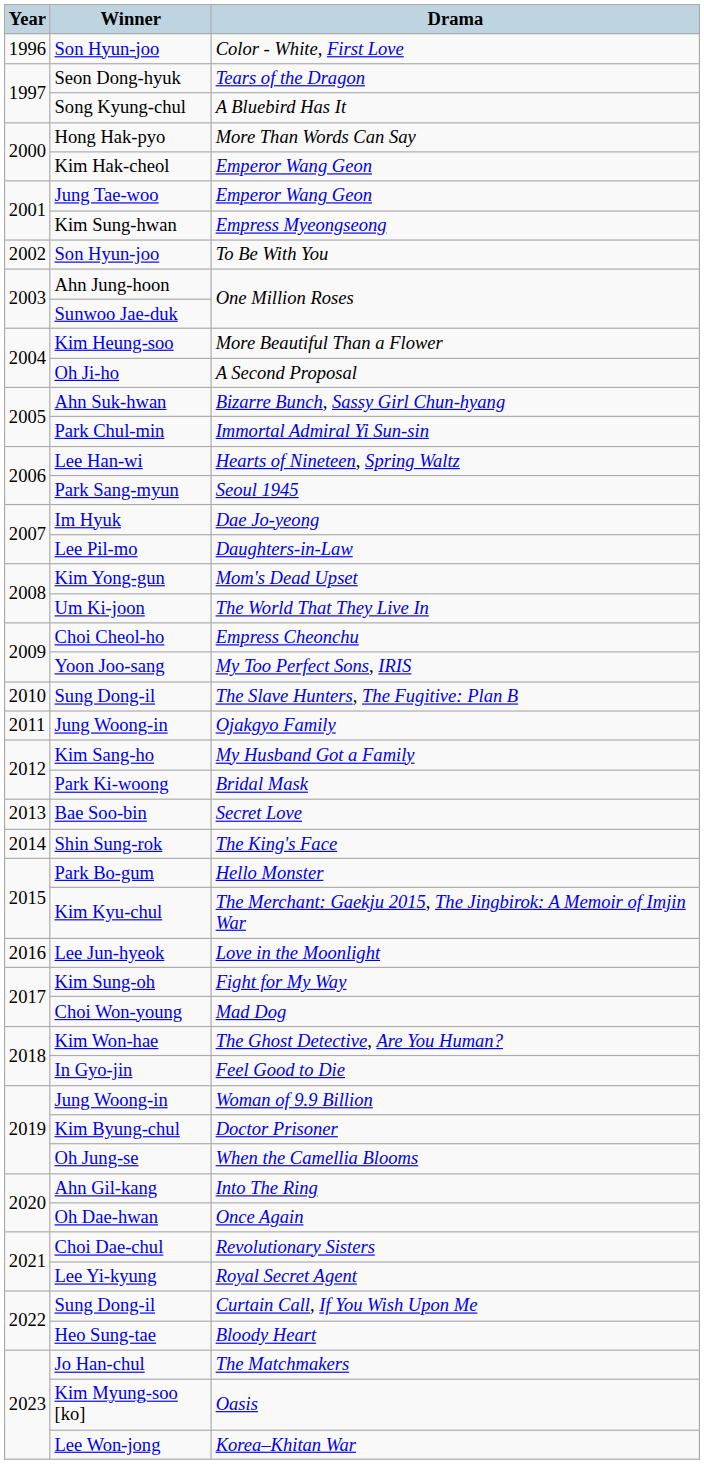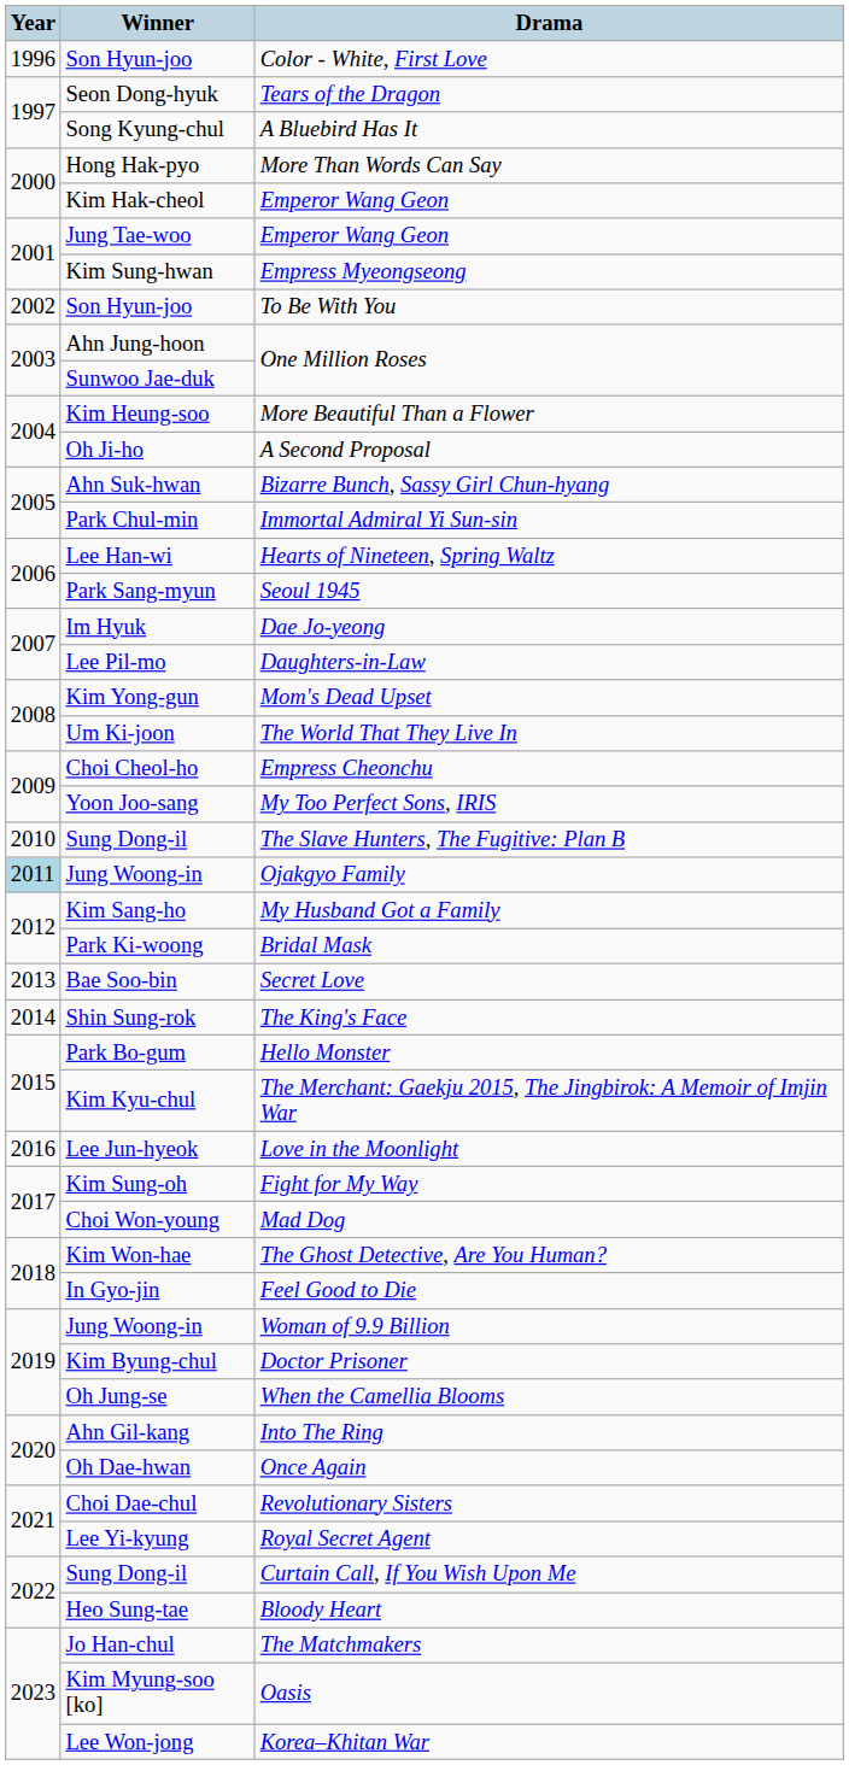 <table class="wikitable" style="width:600px">
 <tr>
 <th style="background:#BED5E1;" width="30">Year</th>
 <th style="background:#BED5E1;">Winner</th>
 <th style="background:#BED5E1;">Drama</th>
 </tr>
 <tr>
 <td>1996</td>
 <td><a href='#'>Son Hyun-joo</a></td>
 <td><em>Color - White</em>, <em><a href='#'>First Love</a></em></td>
 </tr>
 <tr>
 <td rowspan="2">1997</td>
 <td>Seon Dong-hyuk</td>
 <td><em><a href='#'>Tears of the Dragon</a></em></td>
 </tr>
 <tr>
 <td>Song Kyung-chul</td>
 <td><em>A Bluebird Has It</em></td>
 </tr>
 <tr>
 <td rowspan="2">2000</td>
 <td>Hong Hak-pyo</td>
 <td><em>More Than Words Can Say</em></td>
 </tr>
 <tr>
 <td>Kim Hak-cheol</td>
 <td><em><a href='#'>Emperor Wang Geon</a></em></td>
 </tr>
 <tr>
 <td rowspan="2">2001</td>
 <td><a href='#'>Jung Tae-woo</a></td>
 <td><em><a href='#'>Emperor Wang Geon</a></em></td>
 </tr>
 <tr>
 <td>Kim Sung-hwan</td>
 <td><em><a href='#'>Empress Myeongseong</a></em></td>
 </tr>
 <tr>
 <td>2002</td>
 <td><a href='#'>Son Hyun-joo</a></td>
 <td><em>To Be With You</em></td>
 </tr>
 <tr>
 <td rowspan="2">2003</td>
 <td>Ahn Jung-hoon</td>
 <td rowspan="2"><em>One Million Roses</em></td>
 </tr>
 <tr>
 <td><a href='#'>Sunwoo Jae-duk</a></td>
 </tr>
 <tr>
 <td rowspan="2">2004</td>
 <td><a href='#'>Kim Heung-soo</a></td>
 <td><em>More Beautiful Than a Flower</em></td>
 </tr>
 <tr>
 <td><a href='#'>Oh Ji-ho</a></td>
 <td><em>A Second Proposal</em></td>
 </tr>
 <tr>
 <td rowspan="2">2005</td>
 <td><a href='#'>Ahn Suk-hwan</a></td>
 <td><em><a href='#'>Bizarre Bunch</a>, <a href='#'>Sassy Girl Chun-hyang</a></em></td>
 </tr>
 <tr>
 <td><a href='#'>Park Chul-min</a></td>
 <td><em><a href='#'>Immortal Admiral Yi Sun-sin</a></em></td>
 </tr>
 <tr>
 <td rowspan="2">2006</td>
 <td><a href='#'>Lee Han-wi</a></td>
 <td><em><a href='#'>Hearts of Nineteen</a></em>, <em><a href='#'>Spring Waltz</a></em></td>
 </tr>
 <tr>
 <td><a href='#'>Park Sang-myun</a></td>
 <td><em><a href='#'>Seoul 1945</a></em></td>
 </tr>
 <tr>
 <td rowspan="2">2007</td>
 <td><a href='#'>Im Hyuk</a></td>
 <td><em><a href='#'>Dae Jo-yeong</a></em></td>
 </tr>
 <tr>
 <td><a href='#'>Lee Pil-mo</a></td>
 <td><em><a href='#'>Daughters-in-Law</a></em></td>
 </tr>
 <tr>
 <td rowspan="2">2008</td>
 <td><a href='#'>Kim Yong-gun</a></td>
 <td><em><a href='#'>Mom's Dead Upset</a></em></td>
 </tr>
 <tr>
 <td><a href='#'>Um Ki-joon</a></td>
 <td><em><a href='#'>The World That They Live In</a></em></td>
 </tr>
 <tr>
 <td rowspan="2">2009</td>
 <td><a href='#'>Choi Cheol-ho</a></td>
 <td><em><a href='#'>Empress Cheonchu</a></em></td>
 </tr>
 <tr>
 <td><a href='#'>Yoon Joo-sang</a></td>
 <td><em><a href='#'>My Too Perfect Sons</a></em>, <em><a href='#'>IRIS</a></em></td>
 </tr>
 <tr>
 <td>2010</td>
 <td><a href='#'>Sung Dong-il</a></td>
 <td><em><a href='#'>The Slave Hunters</a></em>, <em><a href='#'>The Fugitive: Plan B</a></em></td>
 </tr>
 <tr>
-<td>2011</td>
+<td style="background: lightblue;">2011</td>
 <td><a href='#'>Jung Woong-in</a></td>
 <td><em><a href='#'>Ojakgyo Family</a></em></td>
 </tr>
 <tr>
 <td rowspan="2">2012</td>
 <td><a href='#'>Kim Sang-ho</a></td>
 <td><em><a href='#'>My Husband Got a Family</a></em></td>
 </tr>
 <tr>
 <td><a href='#'>Park Ki-woong</a></td>
 <td><em><a href='#'>Bridal Mask</a></em></td>
 </tr>
 <tr>
 <td>2013</td>
 <td><a href='#'>Bae Soo-bin</a></td>
 <td><em><a href='#'>Secret Love</a></em></td>
 </tr>
 <tr>
 <td>2014</td>
 <td><a href='#'>Shin Sung-rok</a></td>
 <td><em><a href='#'>The King's Face</a></em></td>
 </tr>
 <tr>
 <td rowspan="2">2015</td>
 <td><a href='#'>Park Bo-gum</a></td>
 <td><em><a href='#'>Hello Monster</a></em></td>
 </tr>
 <tr>
 <td><a href='#'>Kim Kyu-chul</a></td>
 <td><em><a href='#'>The Merchant: Gaekju 2015</a></em>, <em><a href='#'>The Jingbirok: A Memoir of Imjin War</a></em></td>
 </tr>
 <tr>
 <td>2016</td>
 <td><a href='#'>Lee Jun-hyeok</a></td>
 <td><em><a href='#'>Love in the Moonlight</a></em></td>
 </tr>
 <tr>
 <td rowspan="2">2017</td>
 <td><a href='#'>Kim Sung-oh</a></td>
 <td><em><a href='#'>Fight for My Way</a></em></td>
 </tr>
 <tr>
 <td><a href='#'>Choi Won-young</a></td>
 <td><em><a href='#'>Mad Dog</a></em></td>
 </tr>
 <tr>
 <td rowspan="2">2018</td>
 <td><a href='#'>Kim Won-hae</a></td>
 <td><em><a href='#'>The Ghost Detective</a></em>, <em><a href='#'>Are You Human?</a></em></td>
 </tr>
 <tr>
 <td><a href='#'>In Gyo-jin</a></td>
 <td><em><a href='#'>Feel Good to Die</a></em></td>
 </tr>
 <tr>
 <td rowspan="3">2019</td>
 <td><a href='#'>Jung Woong-in</a></td>
 <td><em><a href='#'>Woman of 9.9 Billion</a></em></td>
 </tr>
 <tr>
 <td><a href='#'>Kim Byung-chul</a></td>
 <td><em><a href='#'>Doctor Prisoner</a></em></td>
 </tr>
 <tr>
 <td><a href='#'>Oh Jung-se</a></td>
 <td><em><a href='#'>When the Camellia Blooms</a></em></td>
 </tr>
 <tr>
 <td rowspan="2">2020</td>
 <td><a href='#'>Ahn Gil-kang</a></td>
 <td><em><a href='#'>Into The Ring</a></em></td>
 </tr>
 <tr>
 <td><a href='#'>Oh Dae-hwan</a></td>
 <td><em><a href='#'>Once Again</a></em></td>
 </tr>
 <tr>
 <td rowspan="2">2021</td>
 <td><a href='#'>Choi Dae-chul</a></td>
 <td><em><a href='#'>Revolutionary Sisters</a></em></td>
 </tr>
 <tr>
 <td><a href='#'>Lee Yi-kyung</a></td>
 <td><em><a href='#'>Royal Secret Agent</a></em></td>
 </tr>
 <tr>
 <td rowspan="2">2022</td>
 <td><a href='#'>Sung Dong-il</a></td>
 <td><em><a href='#'>Curtain Call</a></em>, <em><a href='#'>If You Wish Upon Me</a></em></td>
 </tr>
 <tr>
 <td><a href='#'>Heo Sung-tae</a></td>
 <td><em><a href='#'>Bloody Heart</a></em></td>
 </tr>
 <tr>
 <td rowspan="3">2023</td>
 <td><a href='#'>Jo Han-chul</a></td>
 <td><em><a href='#'>The Matchmakers</a></em></td>
 </tr>
 <tr>
 <td><a href='#'>Kim Myung-soo</a> [ko]</td>
 <td><em><a href='#'>Oasis</a></em></td>
 </tr>
 <tr>
 <td><a href='#'>Lee Won-jong</a></td>
 <td><em><a href='#'>Korea–Khitan War</a></em></td>
 </tr>
 </table>
